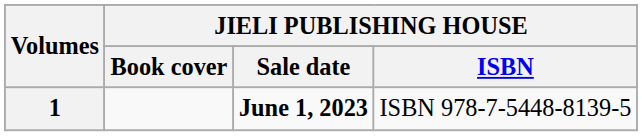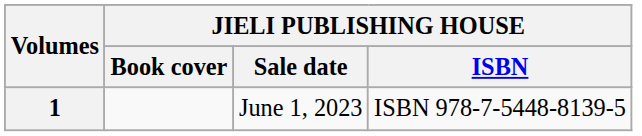 <table class=wikitable style="font-size:small;">
 <tr>
 <th rowspan="2">Volumes</th>
 <th colspan="3"> JIELI PUBLISHING HOUSE</th>
 </tr>
 <tr>
 <th>Book cover</th>
 <th>Sale date</th>
 <th><a href='#'>ISBN</a></th>
 </tr>
 <tr>
 <th>1</th>
 <td></td>
-<td><strong>June 1, 2023</strong></td>
+<td>June 1, 2023</td>
 <td>ISBN 978-7-5448-8139-5</td>
 </tr>
 </table>
